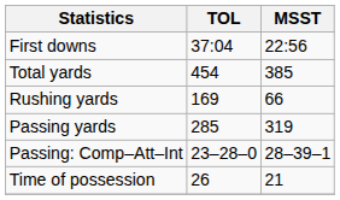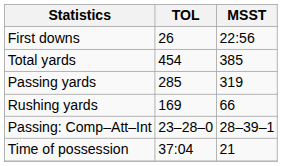 <table class="wikitable" style="float: left;">
 <tr>
 <th>Statistics</th>
 <th>TOL</th>
 <th>MSST</th>
 </tr>
 <tr>
 <td>First downs</td>
-<td>37:04</td>
+<td>26</td>
 <td>22:56</td>
 </tr>
 <tr>
 <td>Total yards</td>
 <td>454</td>
 <td>385</td>
 </tr>
 <tr>
+<td>Passing yards</td>
+<td>285</td>
+<td>319</td>
+</tr>
+<tr>
 <td>Rushing yards</td>
 <td>169</td>
 <td>66</td>
-</tr>
-<tr>
-<td>Passing yards</td>
-<td>285</td>
-<td>319</td>
 </tr>
 <tr>
 <td>Passing: Comp–Att–Int</td>
 <td>23–28–0</td>
 <td>28–39–1</td>
 </tr>
 <tr>
 <td>Time of possession</td>
-<td>26</td>
+<td>37:04</td>
 <td>21</td>
 </tr>
 <tr>
 </tr>
 </table>
